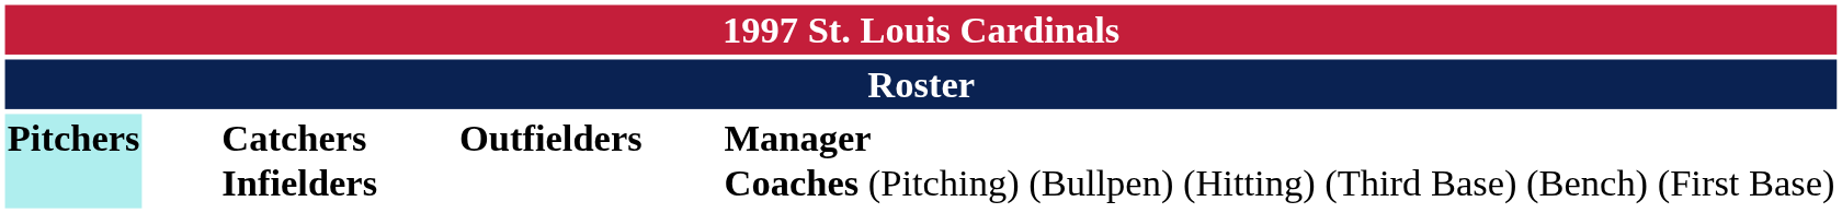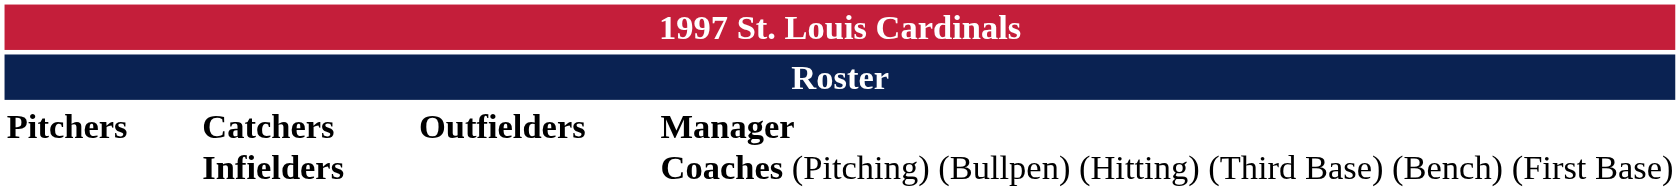 <table class="toccolours" style="font-size: 95%;">
 <tr>
 <th colspan="10" style="background-color: #c41e3a; color: #FFFFFF; text-align: center;">1997 St. Louis Cardinals</th>
 </tr>
 <tr>
 <td colspan="10" style="background-color: #0a2252; color: #FFFFFF; text-align: center;"><strong>Roster</strong></td>
 </tr>
 <tr>
-<td valign="top" style="background: paleturquoise;"><strong>Pitchers</strong><br>                       </td>
+<td valign="top"><strong>Pitchers</strong><br>                       </td>
 <td width="25px"></td>
 <td valign="top"><strong>Catchers</strong><br>    <strong>Infielders</strong>              </td>
 <td width="25px"></td>
 <td valign="top"><strong>Outfielders</strong><br>        </td>
 <td width="25px"></td>
 <td valign="top"><strong>Manager</strong><br> <strong>Coaches</strong>  (Pitching)  (Bullpen)  (Hitting)  (Third Base)  (Bench)  (First Base)</td>
 </tr>
 </table>
